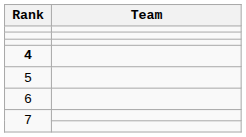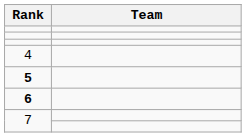 <table class="wikitable" style="text-align: center;">
 <tr>
 <th width=40>Rank</th>
 <th width=180>Team</th>
 </tr>
 <tr align=center>
 <td></td>
 <td style="text-align:left;"><strong></strong></td>
 </tr>
 <tr align=center>
 <td></td>
 <td style="text-align:left;"><strong></strong></td>
 </tr>
 <tr align=center>
 <td></td>
 <td style="text-align:left;"><strong></strong></td>
 </tr>
 <tr align=center>
-<td><strong>4</strong></td>
+<td>4</td>
 <td style="text-align:left;"></td>
 </tr>
 <tr align=center>
-<td>5</td>
+<td><strong>5</strong></td>
 <td style="text-align:left;"></td>
 </tr>
 <tr align=center>
-<td>6</td>
+<td><strong>6</strong></td>
 <td style="text-align:left;"></td>
 </tr>
 <tr align=center>
 <td rowspan=2>7</td>
 <td style="text-align:left;"></td>
 </tr>
 <tr align=center>
 <td style="text-align:left;"></td>
 </tr>
 </table>
